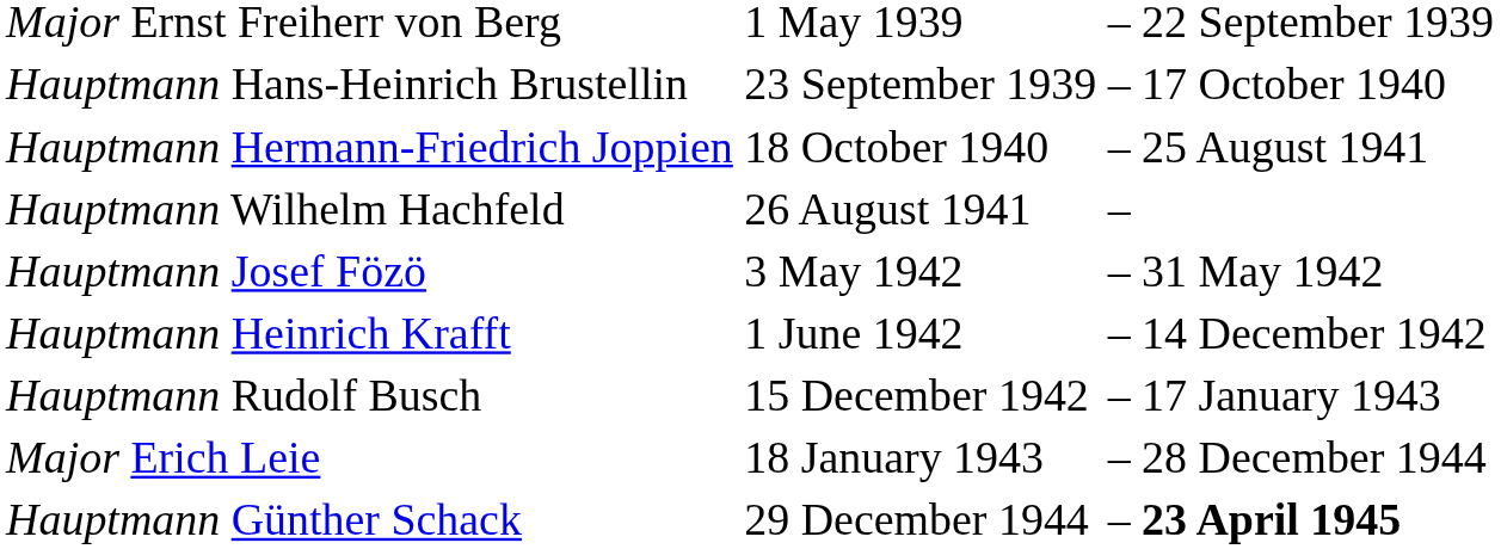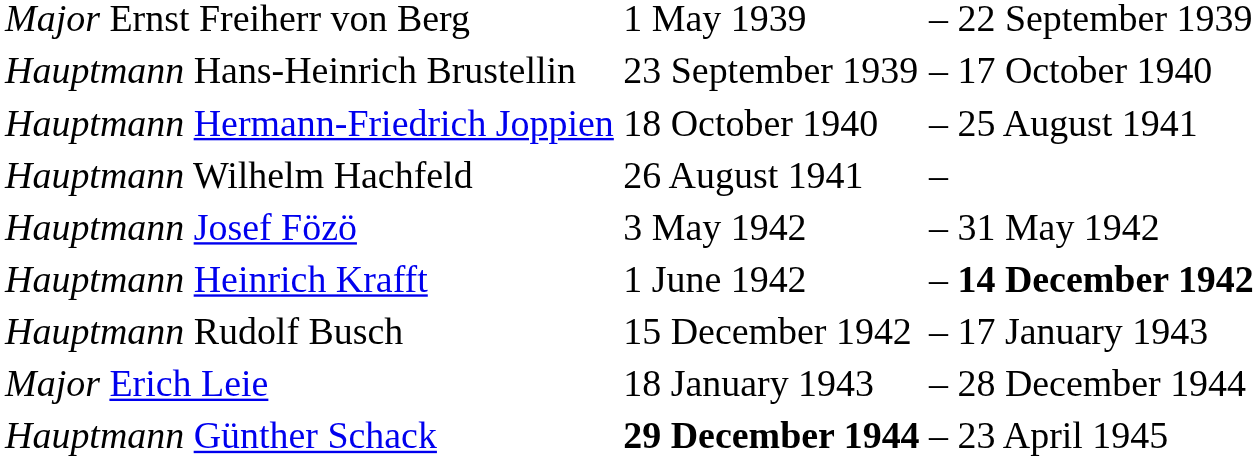 <table>
 <tr>
 <td><em>Major</em> Ernst Freiherr von Berg</td>
 <td>1 May 1939</td>
 <td>–</td>
 <td>22 September 1939</td>
 </tr>
 <tr>
 <td><em>Hauptmann</em> Hans-Heinrich Brustellin</td>
 <td>23 September 1939</td>
 <td>–</td>
 <td>17 October 1940</td>
 </tr>
 <tr>
 <td><em>Hauptmann</em> <a href='#'>Hermann-Friedrich Joppien</a></td>
 <td>18 October 1940</td>
 <td>–</td>
 <td>25 August 1941</td>
 </tr>
 <tr>
 <td><em>Hauptmann</em> Wilhelm Hachfeld</td>
 <td>26 August 1941</td>
 <td>–</td>
 <td></td>
 </tr>
 <tr>
 <td><em>Hauptmann</em> <a href='#'>Josef Fözö</a></td>
 <td>3 May 1942</td>
 <td>–</td>
 <td>31 May 1942</td>
 </tr>
 <tr>
 <td><em>Hauptmann</em> <a href='#'>Heinrich Krafft</a></td>
 <td>1 June 1942</td>
 <td>–</td>
-<td>14 December 1942</td>
+<td><strong>14 December 1942</strong></td>
 </tr>
 <tr>
 <td><em>Hauptmann</em> Rudolf Busch</td>
 <td>15 December 1942</td>
 <td>–</td>
 <td>17 January 1943</td>
 </tr>
 <tr>
 <td><em>Major</em> <a href='#'>Erich Leie</a></td>
 <td>18 January 1943</td>
 <td>–</td>
 <td>28 December 1944</td>
 </tr>
 <tr>
 <td><em>Hauptmann</em> <a href='#'>Günther Schack</a></td>
-<td>29 December 1944</td>
+<td><strong>29 December 1944</strong></td>
 <td>–</td>
-<td><strong>23 April 1945</strong></td>
+<td>23 April 1945</td>
 </tr>
 </table>
